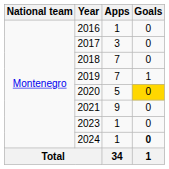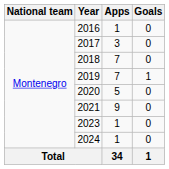 <table class="wikitable" style="text-align:center">
 <tr>
 <th>National team</th>
 <th>Year</th>
 <th>Apps</th>
 <th>Goals</th>
 </tr>
 <tr>
 <td rowspan="8"><a href='#'>Montenegro</a></td>
 <td>2016</td>
 <td>1</td>
 <td>0</td>
 </tr>
 <tr>
 <td>2017</td>
 <td>3</td>
 <td>0</td>
 </tr>
 <tr>
 <td>2018</td>
 <td>7</td>
 <td>0</td>
 </tr>
 <tr>
 <td>2019</td>
 <td>7</td>
 <td>1</td>
 </tr>
 <tr>
 <td>2020</td>
 <td>5</td>
-<td style="background: gold;">0</td>
+<td>0</td>
 </tr>
 <tr>
 <td>2021</td>
 <td>9</td>
 <td>0</td>
 </tr>
 <tr>
 <td>2023</td>
 <td>1</td>
 <td>0</td>
 </tr>
 <tr>
 <td>2024</td>
 <td>1</td>
-<td><strong>0</strong></td>
+<td>0</td>
 </tr>
 <tr>
 <th colspan="2">Total</th>
 <th>34</th>
 <th>1</th>
 </tr>
 </table>
